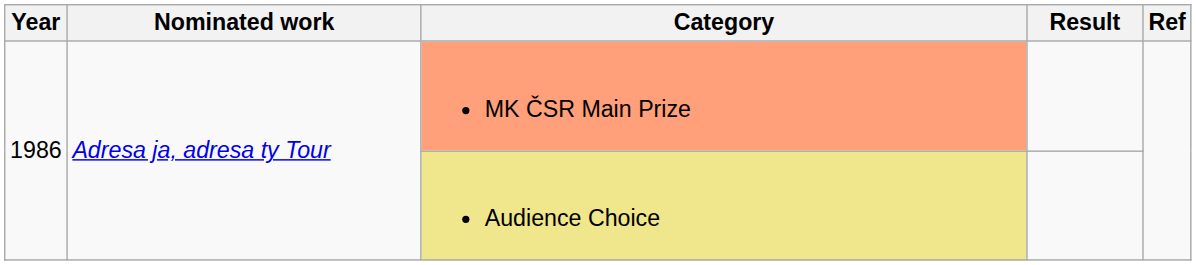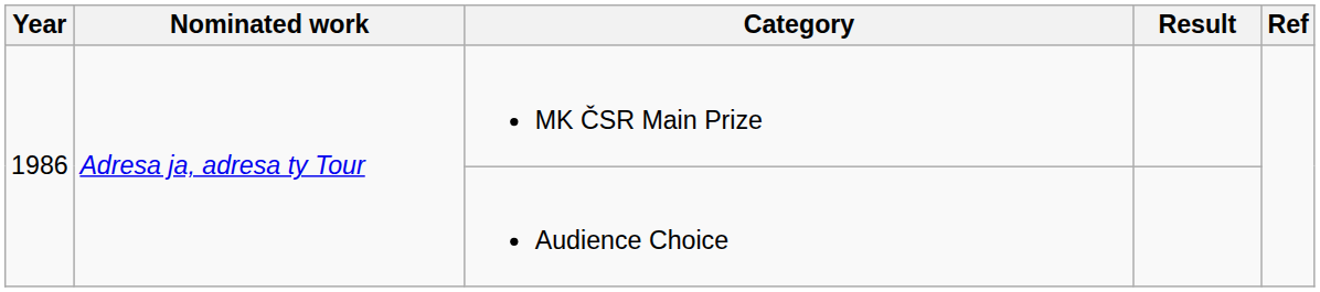 <table class="wikitable">
 <tr>
 <th style="width:10px;">Year</th>
 <th style="width:237px;">Nominated work</th>
 <th style="width:410px;">Category</th>
 <th style="width:73px;">Result</th>
 <th>Ref</th>
 </tr>
 <tr>
 <td rowspan=2>1986</td>
 <td rowspan=2><em><a href='#'>Adresa ja, adresa ty Tour</a></em></td>
-<td style="background: lightsalmon;"><br><ul><li>MK ČSR Main Prize</li></ul></td>
+<td><br><ul><li>MK ČSR Main Prize</li></ul></td>
 <td></td>
 <td rowspan="2" style="text-align:center;"></td>
 </tr>
 <tr>
-<td style="background: khaki;"><br><ul><li>Audience Choice</li></ul></td>
+<td><br><ul><li>Audience Choice</li></ul></td>
 <td></td>
 </tr>
 </table>
